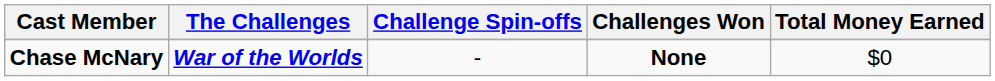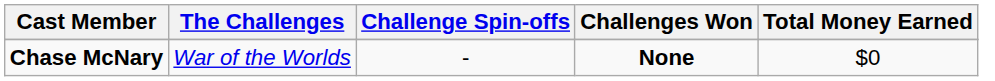 <table class="wikitable" style="text-align: center">
 <tr>
 <th nowrap>Cast Member</th>
 <th nowrap><a href='#'><strong>The Challenges</strong></a></th>
 <th nowrap><a href='#'><strong>Challenge Spin-offs</strong></a></th>
 <th nowrap>Challenges Won</th>
 <th nowrap>Total Money Earned</th>
 </tr>
 <tr>
 </tr>
 <tr>
 <td nowrap><strong>Chase McNary</strong></td>
-<td><strong><em><a href='#'>War of the Worlds</a></em></strong></td>
+<td><em><a href='#'>War of the Worlds</a></em></td>
 <td>-</td>
 <td><strong>None</strong></td>
 <td>$0</td>
 </tr>
 </table>
